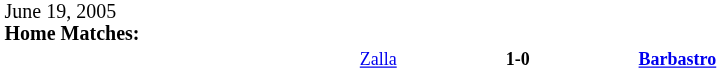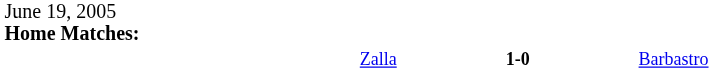 <table width=100% cellspacing=1>
 <tr>
 <th width=20%></th>
 <th width=12%></th>
 <th width=20%></th>
 <th></th>
 </tr>
 <tr>
 <td>June 19, 2005<br><strong>Home Matches:</strong></td>
 </tr>
 <tr style=font-size:90%>
 <td align=right><a href='#'>Zalla</a></td>
 <td align=center><strong>1-0</strong></td>
-<td><strong><a href='#'>Barbastro</a></strong></td>
+<td><a href='#'>Barbastro</a></td>
 </tr>
 </table>
